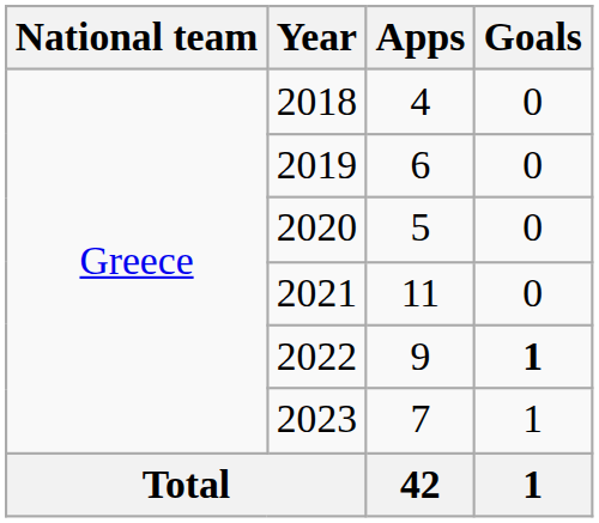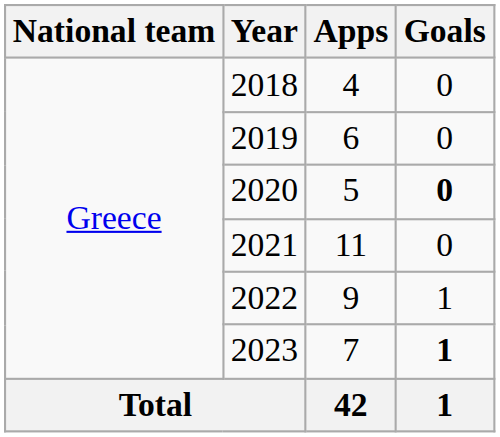 <table class=wikitable style=text-align:center>
 <tr>
 <th>National team</th>
 <th>Year</th>
 <th>Apps</th>
 <th>Goals</th>
 </tr>
 <tr>
 <td rowspan="6"><a href='#'>Greece</a></td>
 <td>2018</td>
 <td>4</td>
 <td>0</td>
 </tr>
 <tr>
 <td>2019</td>
 <td>6</td>
 <td>0</td>
 </tr>
 <tr>
 <td>2020</td>
 <td>5</td>
-<td>0</td>
+<td><strong>0</strong></td>
 </tr>
 <tr>
 <td>2021</td>
 <td>11</td>
 <td>0</td>
 </tr>
 <tr>
 <td>2022</td>
 <td>9</td>
-<td><strong>1</strong></td>
+<td>1</td>
 </tr>
 <tr>
 <td>2023</td>
 <td>7</td>
-<td>1</td>
+<td><strong>1</strong></td>
 </tr>
 <tr>
 <th colspan="2">Total</th>
 <th>42</th>
 <th>1</th>
 </tr>
 </table>
